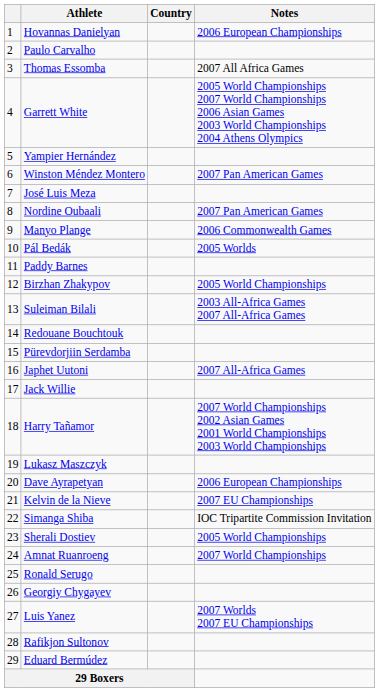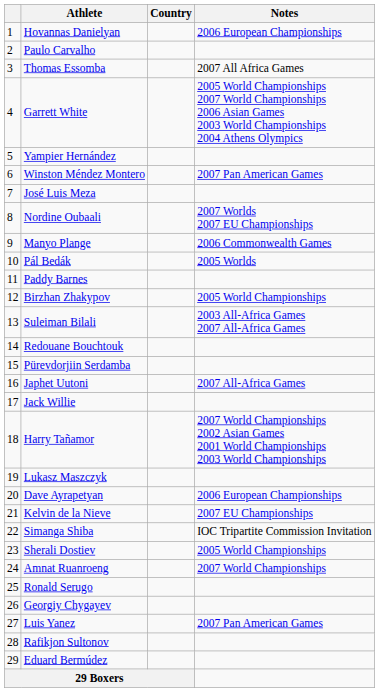 <table class="wikitable sortable”">
 <tr>
 <th></th>
 <th>Athlete</th>
 <th>Country</th>
 <th>Notes</th>
 </tr>
 <tr>
 <td>1</td>
 <td><a href='#'>Hovannas Danielyan</a></td>
 <td></td>
 <td> <a href='#'>2006 European Championships</a></td>
 </tr>
 <tr>
 <td>2</td>
 <td><a href='#'>Paulo Carvalho</a></td>
 <td></td>
 <td></td>
 </tr>
 <tr>
 <td>3</td>
 <td><a href='#'>Thomas Essomba</a></td>
 <td></td>
 <td> 2007 All Africa Games</td>
 </tr>
 <tr>
 <td>4</td>
 <td><a href='#'>Garrett White</a></td>
 <td></td>
 <td> <a href='#'>2005 World Championships</a><br> <a href='#'>2007 World Championships</a><br> <a href='#'>2006 Asian Games</a><br> <a href='#'>2003 World Championships</a><br> <a href='#'>2004 Athens Olympics</a></td>
 </tr>
 <tr>
 <td>5</td>
 <td><a href='#'>Yampier Hernández</a></td>
 <td></td>
 <td></td>
 </tr>
 <tr>
 <td>6</td>
 <td><a href='#'>Winston Méndez Montero</a></td>
 <td></td>
 <td> <a href='#'>2007 Pan American Games</a></td>
 </tr>
 <tr>
 <td>7</td>
 <td><a href='#'>José Luis Meza</a></td>
 <td></td>
 <td></td>
 </tr>
 <tr>
 <td>8</td>
 <td><a href='#'>Nordine Oubaali</a></td>
 <td></td>
-<td> <a href='#'>2007 Pan American Games</a></td>
+<td> <a href='#'>2007 Worlds</a><br> <a href='#'>2007 EU Championships</a></td>
 </tr>
 <tr>
 <td>9</td>
 <td><a href='#'>Manyo Plange</a></td>
 <td></td>
 <td> <a href='#'>2006 Commonwealth Games</a></td>
 </tr>
 <tr>
 <td>10</td>
 <td><a href='#'>Pál Bedák</a></td>
 <td></td>
 <td> <a href='#'>2005 Worlds</a></td>
 </tr>
 <tr>
 <td>11</td>
 <td><a href='#'>Paddy Barnes</a></td>
 <td></td>
 <td></td>
 </tr>
 <tr>
 <td>12</td>
 <td><a href='#'>Birzhan Zhakypov</a></td>
 <td></td>
 <td> <a href='#'>2005 World Championships</a></td>
 </tr>
 <tr>
 <td>13</td>
 <td><a href='#'>Suleiman Bilali</a></td>
 <td></td>
 <td> <a href='#'>2003 All-Africa Games</a> <br>  <a href='#'>2007 All-Africa Games</a></td>
 </tr>
 <tr>
 <td>14</td>
 <td><a href='#'>Redouane Bouchtouk</a></td>
 <td></td>
 <td></td>
 </tr>
 <tr>
 <td>15</td>
 <td><a href='#'>Pürevdorjiin Serdamba</a></td>
 <td></td>
 <td></td>
 </tr>
 <tr>
 <td>16</td>
 <td><a href='#'>Japhet Uutoni</a></td>
 <td></td>
 <td> <a href='#'>2007 All-Africa Games</a></td>
 </tr>
 <tr>
 <td>17</td>
 <td><a href='#'>Jack Willie</a></td>
 <td></td>
 <td></td>
 </tr>
 <tr>
 <td>18</td>
 <td><a href='#'>Harry Tañamor</a></td>
 <td></td>
 <td> <a href='#'>2007 World Championships</a><br> <a href='#'>2002 Asian Games</a><br> <a href='#'>2001 World Championships</a><br> <a href='#'>2003 World Championships</a></td>
 </tr>
 <tr>
 <td>19</td>
 <td><a href='#'>Lukasz Maszczyk</a></td>
 <td></td>
 <td></td>
 </tr>
 <tr>
 <td>20</td>
 <td><a href='#'>Dave Ayrapetyan</a></td>
 <td></td>
 <td> <a href='#'>2006 European Championships</a></td>
 </tr>
 <tr>
 <td>21</td>
 <td><a href='#'>Kelvin de la Nieve</a></td>
 <td></td>
 <td> <a href='#'>2007 EU Championships</a></td>
 </tr>
 <tr>
 <td>22</td>
 <td><a href='#'>Simanga Shiba</a></td>
 <td></td>
 <td>IOC Tripartite Commission Invitation</td>
 </tr>
 <tr>
 <td>23</td>
 <td><a href='#'>Sherali Dostiev</a></td>
 <td></td>
 <td> <a href='#'>2005 World Championships</a></td>
 </tr>
 <tr>
 <td>24</td>
 <td><a href='#'>Amnat Ruanroeng</a></td>
 <td></td>
 <td> <a href='#'>2007 World Championships</a></td>
 </tr>
 <tr>
 <td>25</td>
 <td><a href='#'>Ronald Serugo</a></td>
 <td></td>
 <td></td>
 </tr>
 <tr>
 <td>26</td>
 <td><a href='#'>Georgiy Chygayev</a></td>
 <td></td>
 <td></td>
 </tr>
 <tr>
 <td>27</td>
 <td><a href='#'>Luis Yanez</a></td>
 <td></td>
-<td> <a href='#'>2007 Worlds</a><br> <a href='#'>2007 EU Championships</a></td>
+<td> <a href='#'>2007 Pan American Games</a></td>
 </tr>
 <tr>
 <td>28</td>
 <td><a href='#'>Rafikjon Sultonov</a></td>
 <td></td>
 <td></td>
 </tr>
 <tr>
 <td>29</td>
 <td><a href='#'>Eduard Bermúdez</a></td>
 <td></td>
 <td></td>
 </tr>
 <tr>
 <th colspan=3>29 Boxers</th>
 </tr>
 </table>
